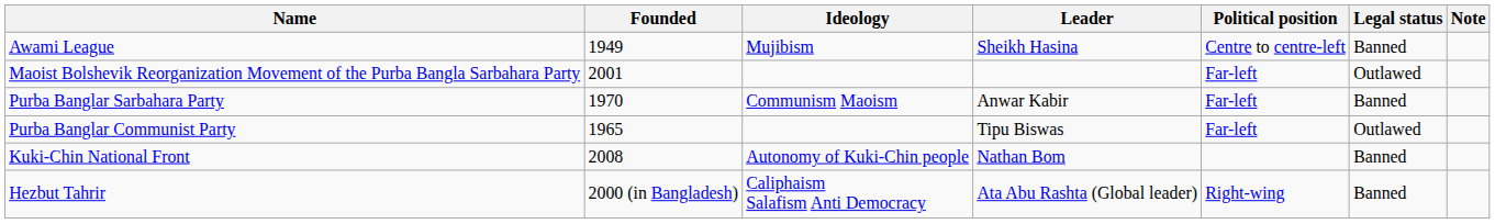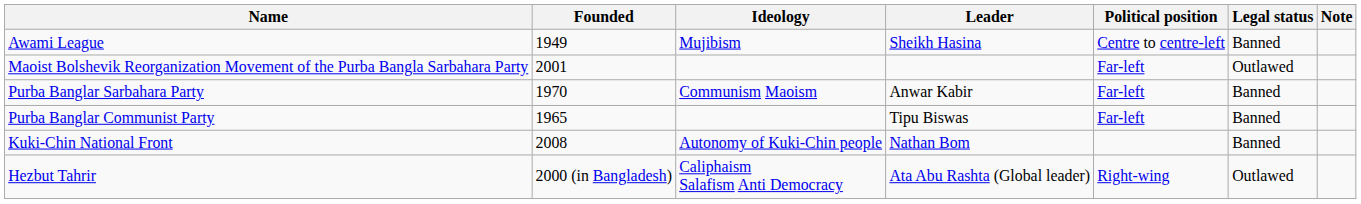 <table class="wikitable sortable">
 <tr>
 <th>Name</th>
 <th>Founded</th>
 <th>Ideology</th>
 <th>Leader</th>
 <th>Political position</th>
 <th>Legal status</th>
 <th>Note</th>
 </tr>
 <tr>
 <td><a href='#'>Awami League</a></td>
 <td>1949</td>
 <td><a href='#'>Mujibism</a></td>
 <td><a href='#'>Sheikh Hasina</a></td>
 <td><a href='#'>Centre</a> to <a href='#'>centre-left</a></td>
 <td>Banned</td>
 <td></td>
 </tr>
 <tr>
 <td><a href='#'>Maoist Bolshevik Reorganization Movement of the Purba Bangla Sarbahara Party</a></td>
 <td>2001</td>
 <td></td>
 <td></td>
 <td><a href='#'>Far-left</a></td>
 <td>Outlawed</td>
 <td></td>
 </tr>
 <tr>
 <td><a href='#'>Purba Banglar Sarbahara Party</a></td>
 <td>1970</td>
 <td><a href='#'>Communism</a> <a href='#'>Maoism</a></td>
 <td>Anwar Kabir</td>
 <td><a href='#'>Far-left</a></td>
 <td>Banned</td>
 <td></td>
 </tr>
 <tr>
 <td><a href='#'>Purba Banglar Communist Party</a></td>
 <td>1965</td>
 <td></td>
 <td>Tipu Biswas</td>
 <td><a href='#'>Far-left</a></td>
-<td>Outlawed</td>
+<td>Banned</td>
 <td></td>
 </tr>
 <tr>
 <td><a href='#'>Kuki-Chin National Front</a></td>
 <td>2008</td>
 <td><a href='#'>Autonomy of Kuki-Chin people</a></td>
 <td><a href='#'>Nathan Bom</a></td>
 <td></td>
 <td>Banned</td>
 <td></td>
 </tr>
 <tr>
 <td><a href='#'>Hezbut Tahrir</a></td>
 <td>2000 (in <a href='#'>Bangladesh</a>)</td>
 <td><a href='#'>Caliphaism</a><br><a href='#'>Salafism</a> <a href='#'>Anti Democracy</a></td>
 <td><a href='#'>Ata Abu Rashta</a> (Global leader)</td>
 <td><a href='#'>Right-wing</a></td>
-<td>Banned</td>
+<td>Outlawed</td>
 <td></td>
 </tr>
 </table>
